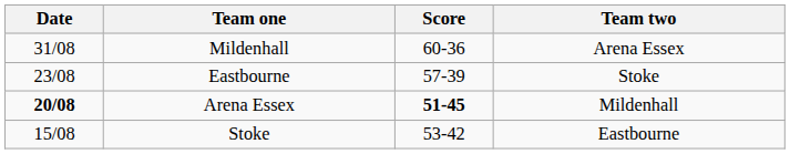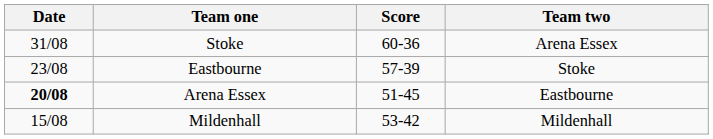 <table class="wikitable" style="text-align: center">
 <tr>
 <th width=80>Date</th>
 <th width=250>Team one</th>
 <th width=80>Score</th>
 <th width=250>Team two</th>
 </tr>
 <tr>
 <td>31/08</td>
-<td>Mildenhall</td>
+<td>Stoke</td>
 <td>60-36</td>
 <td>Arena Essex</td>
 </tr>
 <tr>
 <td>23/08</td>
 <td>Eastbourne</td>
 <td>57-39</td>
 <td>Stoke</td>
 </tr>
 <tr>
 <td><strong>20/08</strong></td>
 <td>Arena Essex</td>
-<td><strong>51-45</strong></td>
-<td>Mildenhall</td>
+<td>51-45</td>
+<td>Eastbourne</td>
 </tr>
 <tr>
 <td>15/08</td>
-<td>Stoke</td>
+<td>Mildenhall</td>
 <td>53-42</td>
-<td>Eastbourne</td>
+<td>Mildenhall</td>
 </tr>
 </table>
